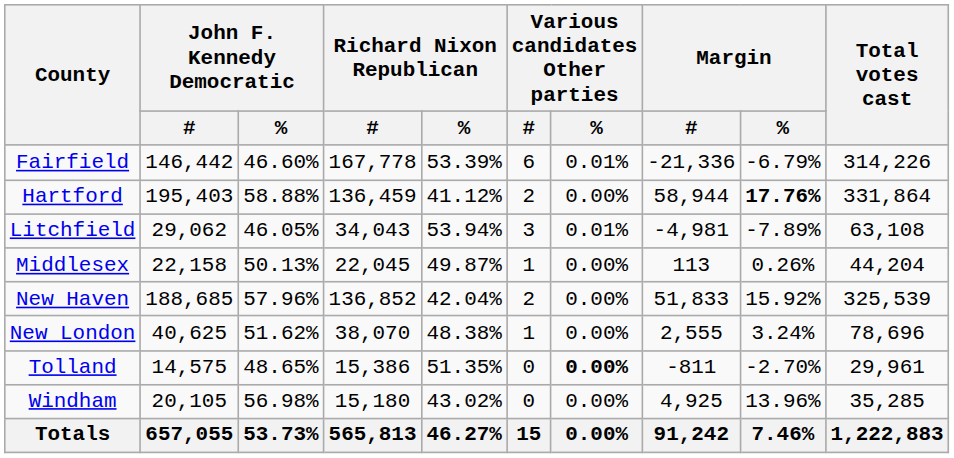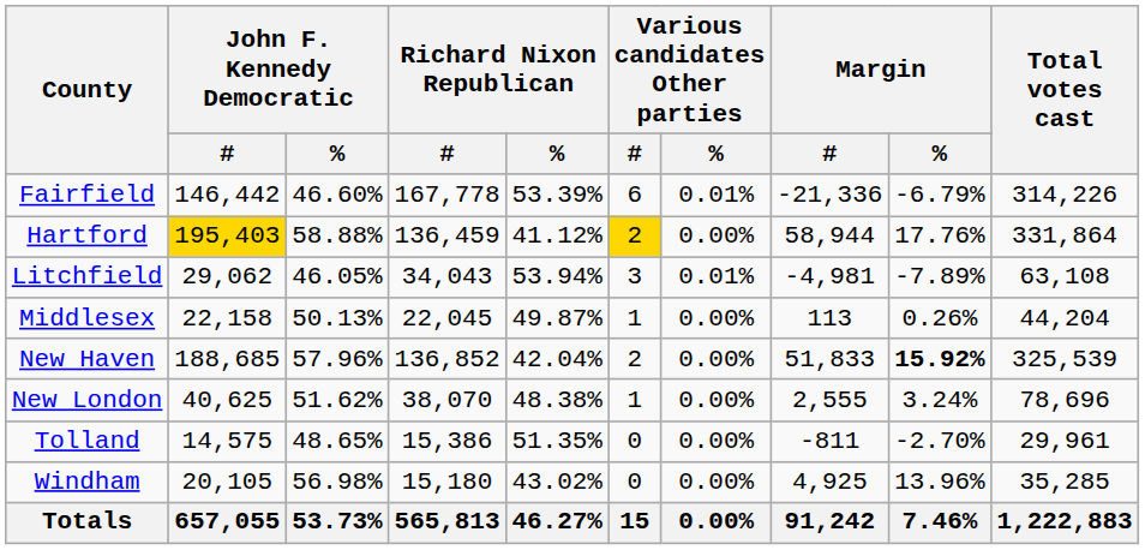 <table width="60%"  class="wikitable sortable" style="text-align:center">
 <tr>
 <th style="text-align:center;" rowspan="2">County</th>
 <th style="text-align:center;" colspan="2">John F. Kennedy<br>Democratic</th>
 <th style="text-align:center;" colspan="2">Richard Nixon<br>Republican</th>
 <th style="text-align:center;" colspan="2">Various candidates<br>Other parties</th>
 <th style="text-align:center;" colspan="2">Margin</th>
 <th style="text-align:center;" rowspan="2">Total votes cast</th>
 </tr>
 <tr>
 <th style="text-align:center;" data-sort-type="number">#</th>
 <th style="text-align:center;" data-sort-type="number">%</th>
 <th style="text-align:center;" data-sort-type="number">#</th>
 <th style="text-align:center;" data-sort-type="number">%</th>
 <th style="text-align:center;" data-sort-type="number">#</th>
 <th style="text-align:center;" data-sort-type="number">%</th>
 <th style="text-align:center;" data-sort-type="number">#</th>
 <th style="text-align:center;" data-sort-type="number">%</th>
 </tr>
 <tr style="text-align:center;">
 <td><a href='#'>Fairfield</a></td>
 <td>146,442</td>
 <td>46.60%</td>
 <td>167,778</td>
 <td>53.39%</td>
 <td>6</td>
 <td>0.01%</td>
 <td>-21,336</td>
 <td>-6.79%</td>
 <td>314,226</td>
 </tr>
 <tr style="text-align:center;">
 <td><a href='#'>Hartford</a></td>
-<td>195,403</td>
+<td style="background: gold;">195,403</td>
 <td>58.88%</td>
 <td>136,459</td>
 <td>41.12%</td>
-<td>2</td>
+<td style="background: gold;">2</td>
 <td>0.00%</td>
 <td>58,944</td>
-<td><strong>17.76%</strong></td>
+<td>17.76%</td>
 <td>331,864</td>
 </tr>
 <tr style="text-align:center;">
 <td><a href='#'>Litchfield</a></td>
 <td>29,062</td>
 <td>46.05%</td>
 <td>34,043</td>
 <td>53.94%</td>
 <td>3</td>
 <td>0.01%</td>
 <td>-4,981</td>
 <td>-7.89%</td>
 <td>63,108</td>
 </tr>
 <tr style="text-align:center;">
 <td><a href='#'>Middlesex</a></td>
 <td>22,158</td>
 <td>50.13%</td>
 <td>22,045</td>
 <td>49.87%</td>
 <td>1</td>
 <td>0.00%</td>
 <td>113</td>
 <td>0.26%</td>
 <td>44,204</td>
 </tr>
 <tr style="text-align:center;">
 <td><a href='#'>New Haven</a></td>
 <td>188,685</td>
 <td>57.96%</td>
 <td>136,852</td>
 <td>42.04%</td>
 <td>2</td>
 <td>0.00%</td>
 <td>51,833</td>
-<td>15.92%</td>
+<td><strong>15.92%</strong></td>
 <td>325,539</td>
 </tr>
 <tr style="text-align:center;">
 <td><a href='#'>New London</a></td>
 <td>40,625</td>
 <td>51.62%</td>
 <td>38,070</td>
 <td>48.38%</td>
 <td>1</td>
 <td>0.00%</td>
 <td>2,555</td>
 <td>3.24%</td>
 <td>78,696</td>
 </tr>
 <tr style="text-align:center;">
 <td><a href='#'>Tolland</a></td>
 <td>14,575</td>
 <td>48.65%</td>
 <td>15,386</td>
 <td>51.35%</td>
 <td>0</td>
-<td><strong>0.00%</strong></td>
+<td>0.00%</td>
 <td>-811</td>
 <td>-2.70%</td>
 <td>29,961</td>
 </tr>
 <tr style="text-align:center;">
 <td><a href='#'>Windham</a></td>
 <td>20,105</td>
 <td>56.98%</td>
 <td>15,180</td>
 <td>43.02%</td>
 <td>0</td>
 <td>0.00%</td>
 <td>4,925</td>
 <td>13.96%</td>
 <td>35,285</td>
 </tr>
 <tr>
 <th>Totals</th>
 <th>657,055</th>
 <th>53.73%</th>
 <th>565,813</th>
 <th>46.27%</th>
 <th>15</th>
 <th>0.00%</th>
 <th>91,242</th>
 <th>7.46%</th>
 <th>1,222,883</th>
 </tr>
 </table>
